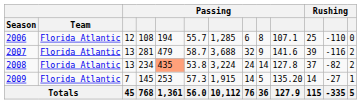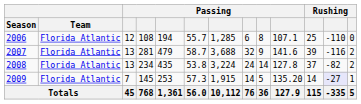 <table class="wikitable sortable">
 <tr>
 <th colspan=2> </th>
 <th colspan=8>Passing</th>
 <th colspan=3>Rushing</th>
 </tr>
 <tr>
 <th>Season</th>
 <th>Team</th>
 <th></th>
 <th></th>
 <th></th>
 <th></th>
 <th></th>
 <th></th>
 <th></th>
 <th></th>
 <th></th>
 <th></th>
 <th></th>
 </tr>
 <tr>
 <td><a href='#'>2006</a></td>
 <td><a href='#'>Florida Atlantic</a></td>
 <td>12</td>
 <td>108</td>
 <td>194</td>
 <td>55.7</td>
 <td>1,285</td>
 <td>6</td>
 <td>8</td>
 <td>107.1</td>
 <td>25</td>
 <td>-110</td>
 <td>0</td>
 </tr>
 <tr>
 <td><a href='#'>2007</a></td>
 <td><a href='#'>Florida Atlantic</a></td>
 <td>13</td>
 <td>281</td>
 <td>479</td>
 <td>58.7</td>
 <td>3,688</td>
 <td>32</td>
 <td>9</td>
 <td>141.6</td>
 <td>39</td>
 <td>-116</td>
 <td>2</td>
 </tr>
 <tr>
 <td><a href='#'>2008</a></td>
 <td><a href='#'>Florida Atlantic</a></td>
 <td>13</td>
 <td>234</td>
-<td style="background: lightsalmon;">435</td>
+<td>435</td>
 <td>53.8</td>
 <td>3,224</td>
 <td>24</td>
 <td>14</td>
 <td>127.8</td>
 <td>37</td>
 <td>-82</td>
 <td>2</td>
 </tr>
 <tr>
 <td><a href='#'>2009</a></td>
 <td><a href='#'>Florida Atlantic</a></td>
 <td>7</td>
 <td>145</td>
 <td>253</td>
 <td>57.3</td>
 <td>1,915</td>
 <td>14</td>
 <td>5</td>
 <td>135.20</td>
 <td>14</td>
-<td>-27</td>
+<td style="background: lavender;">-27</td>
 <td>1</td>
 </tr>
 <tr class="sortbottom" style="background:#eee;">
 <th colspan=2>Totals</th>
 <th>45</th>
 <th>768</th>
 <th>1,361</th>
 <th>56.0</th>
 <th>10,112</th>
 <th>76</th>
 <th>36</th>
 <th>127.9</th>
 <th>115</th>
 <th>-335</th>
 <th>5</th>
 </tr>
 </table>
